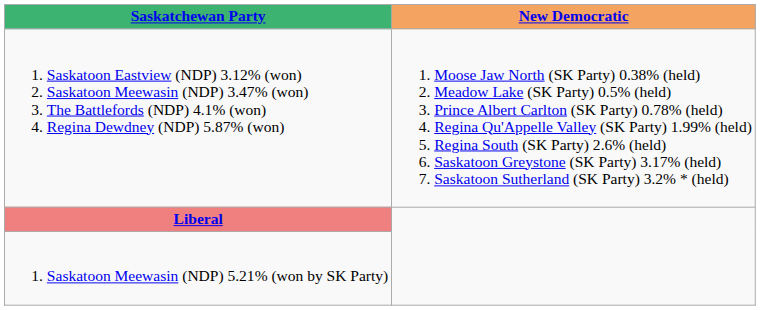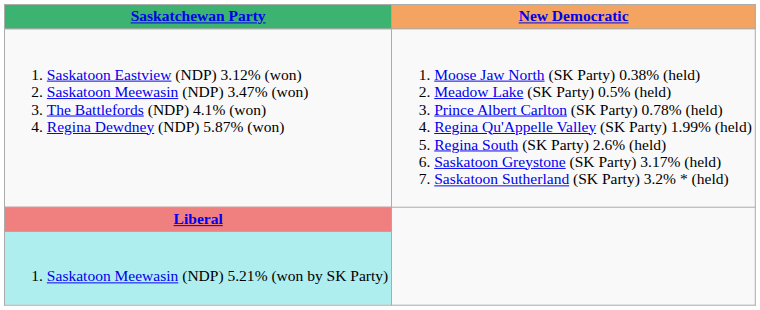 <table class="wikitable">
 <tr>
 <th style="background:#3cb371;"><a href='#'>Saskatchewan Party</a></th>
 <th style="background:#f4a460;"><a href='#'>New Democratic</a></th>
 </tr>
 <tr valign="top">
 <td><br><ol><li><a href='#'>Saskatoon Eastview</a> (NDP) 3.12% (won)</li><li><a href='#'>Saskatoon Meewasin</a> (NDP) 3.47% (won)</li><li><a href='#'>The Battlefords</a> (NDP) 4.1% (won)</li><li><a href='#'>Regina Dewdney</a> (NDP) 5.87% (won)</li></ol></td>
 <td><br><ol><li><a href='#'>Moose Jaw North</a> (SK Party) 0.38% (held)</li><li><a href='#'>Meadow Lake</a> (SK Party) 0.5% (held)</li><li><a href='#'>Prince Albert Carlton</a> (SK Party) 0.78% (held)</li><li><a href='#'>Regina Qu'Appelle Valley</a> (SK Party) 1.99% (held)</li><li><a href='#'>Regina South</a> (SK Party) 2.6% (held)</li><li><a href='#'>Saskatoon Greystone</a> (SK Party) 3.17% (held)</li><li><a href='#'>Saskatoon Sutherland</a> (SK Party) 3.2% * (held)</li></ol></td>
 </tr>
 <tr>
 <th style="background:#f08080;"><a href='#'>Liberal</a></th>
 </tr>
 <tr valign="top">
-<td><br><ol><li><a href='#'>Saskatoon Meewasin</a> (NDP) 5.21% (won by SK Party)</li></ol></td>
+<td style="background: paleturquoise;"><br><ol><li><a href='#'>Saskatoon Meewasin</a> (NDP) 5.21% (won by SK Party)</li></ol></td>
 </tr>
 </table>
